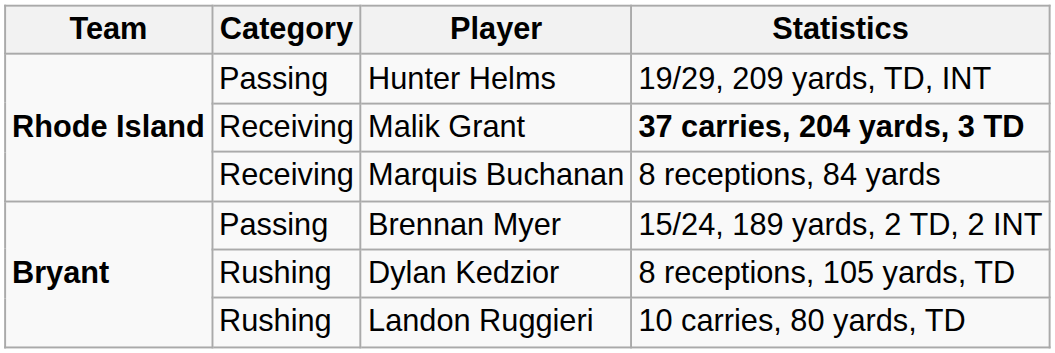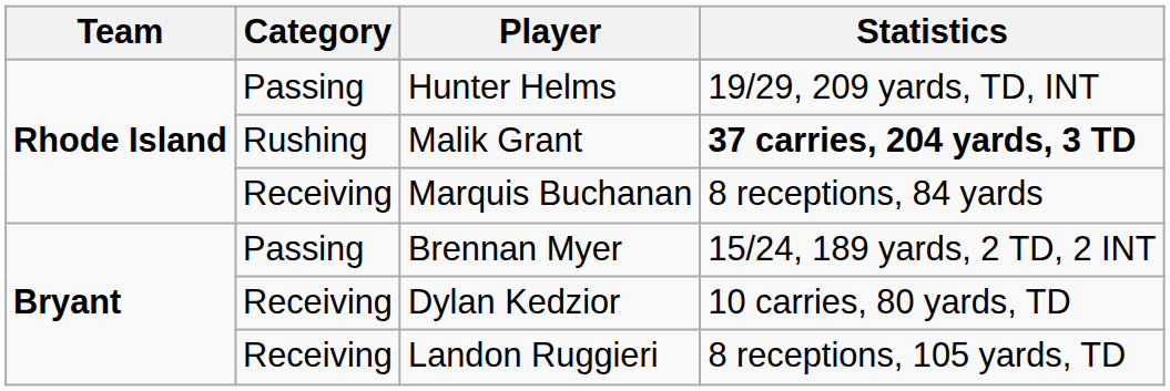 <table class="wikitable" style="float: right;">
 <tr>
 <th>Team</th>
 <th>Category</th>
 <th>Player</th>
 <th>Statistics</th>
 </tr>
 <tr>
 <td rowspan=3><strong>Rhode Island</strong></td>
 <td>Passing</td>
 <td>Hunter Helms</td>
 <td>19/29, 209 yards, TD, INT</td>
 </tr>
 <tr>
-<td>Receiving</td>
+<td>Rushing</td>
 <td>Malik Grant</td>
 <td><strong>37 carries, 204 yards, 3 TD</strong></td>
 </tr>
 <tr>
 <td>Receiving</td>
 <td>Marquis Buchanan</td>
 <td>8 receptions, 84 yards</td>
 </tr>
 <tr>
 <td rowspan=3><strong>Bryant</strong></td>
 <td>Passing</td>
 <td>Brennan Myer</td>
 <td>15/24, 189 yards, 2 TD, 2 INT</td>
 </tr>
 <tr>
-<td>Rushing</td>
+<td>Receiving</td>
 <td>Dylan Kedzior</td>
+<td>10 carries, 80 yards, TD</td>
+</tr>
+<tr>
+<td>Receiving</td>
+<td>Landon Ruggieri</td>
 <td>8 receptions, 105 yards, TD</td>
 </tr>
-<tr>
-<td>Rushing</td>
-<td>Landon Ruggieri</td>
-<td>10 carries, 80 yards, TD</td>
-</tr>
 </table>
